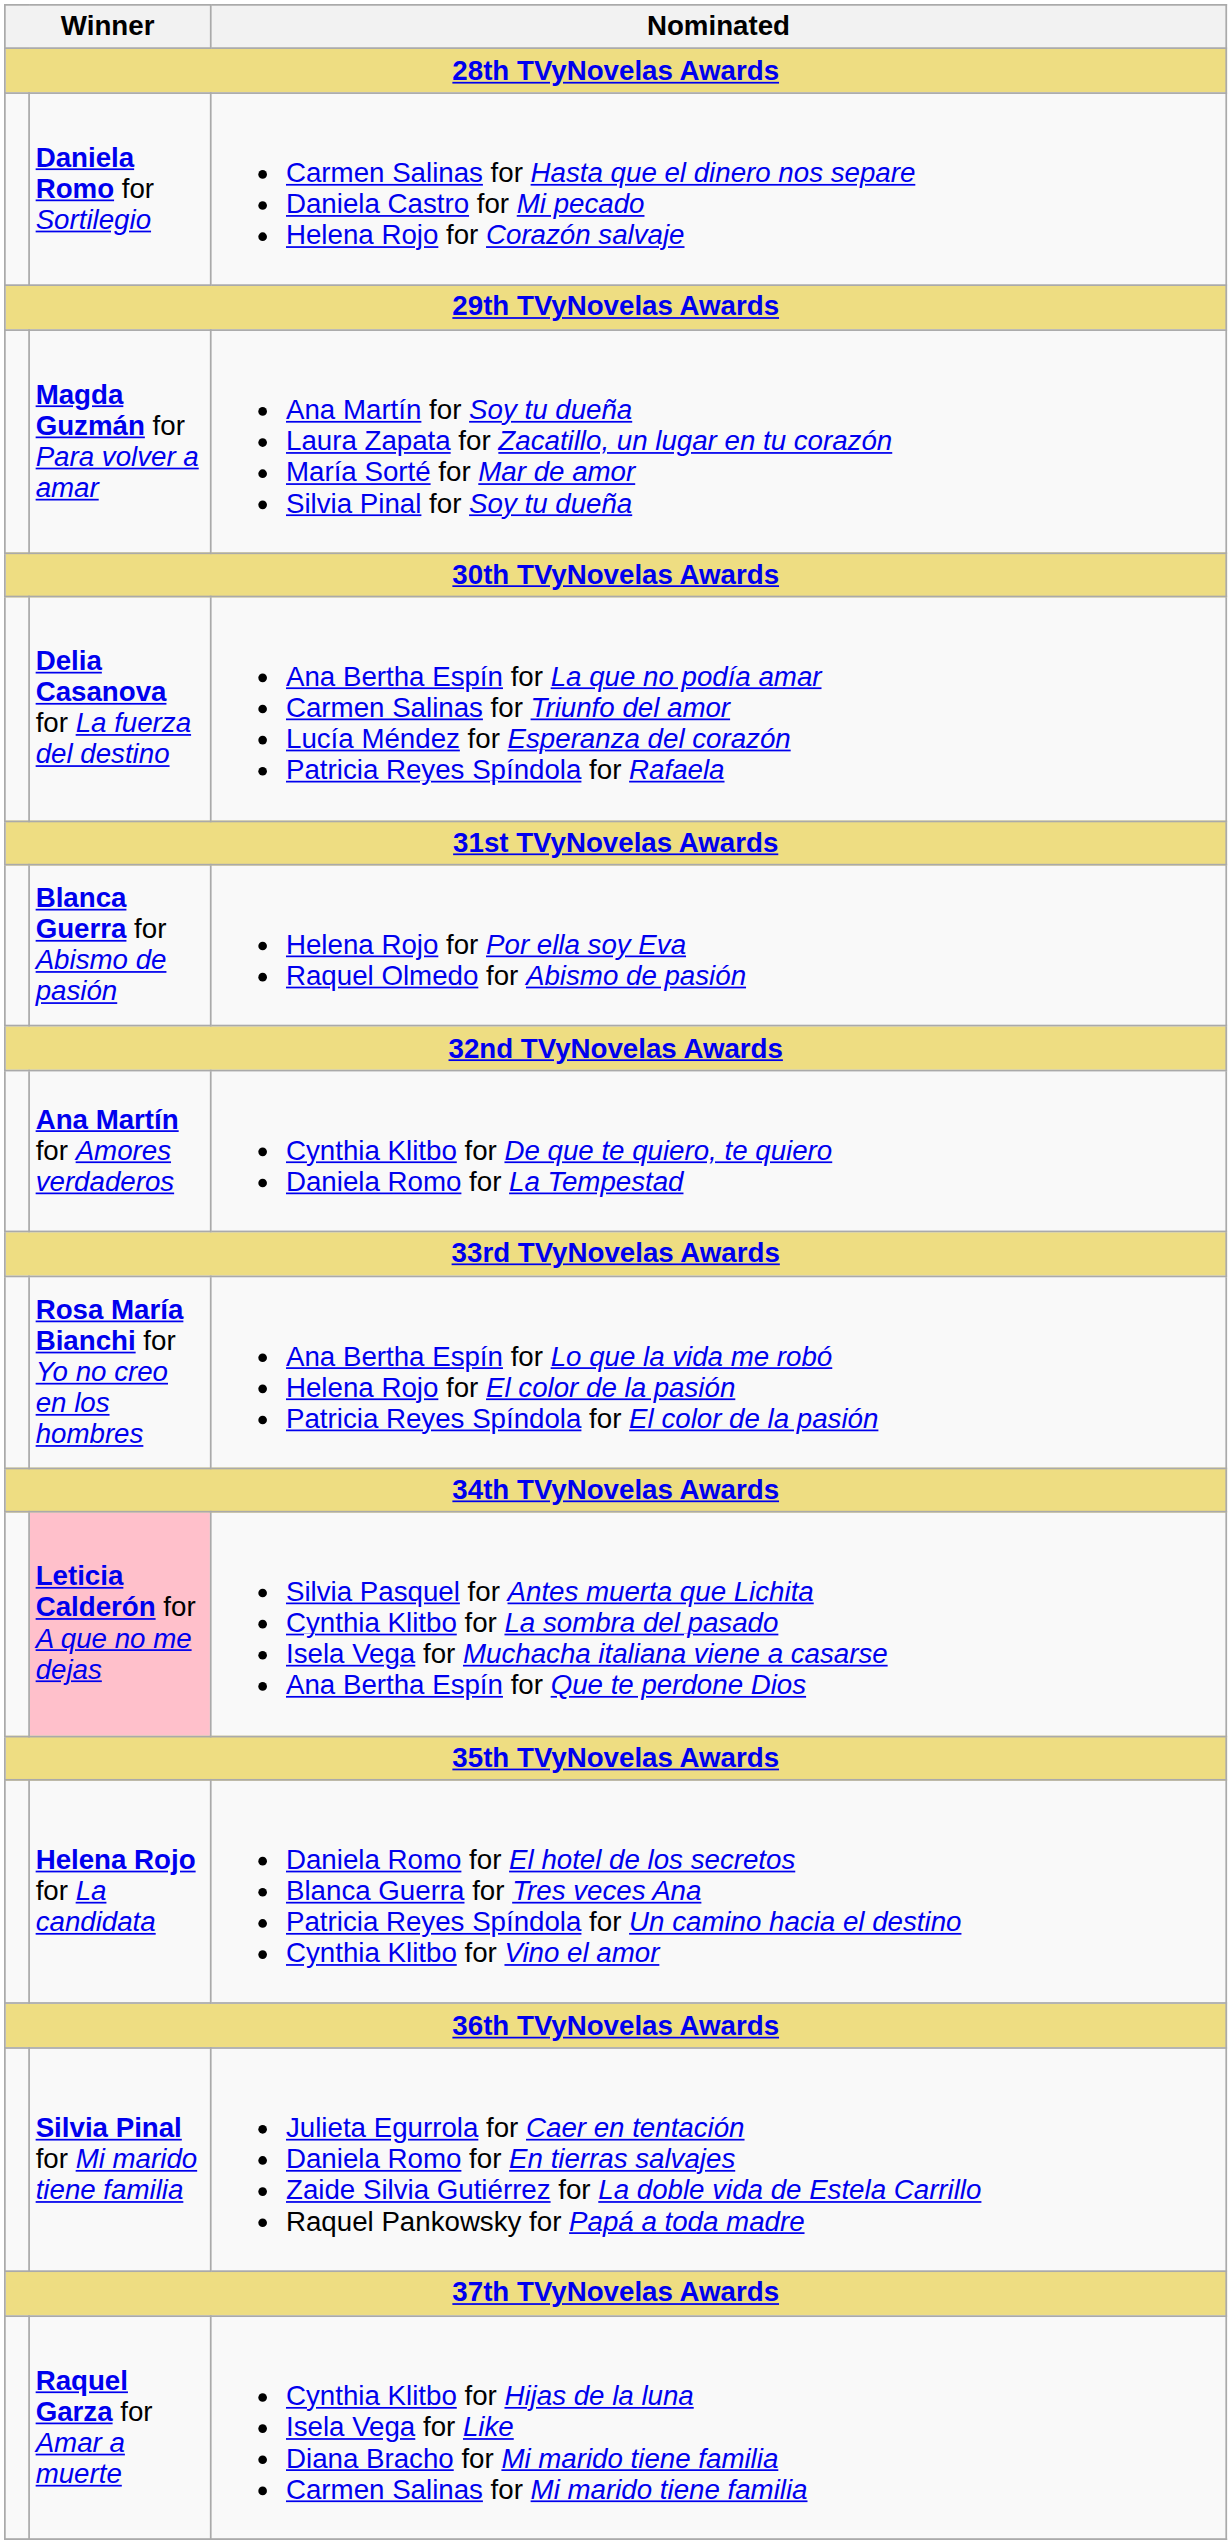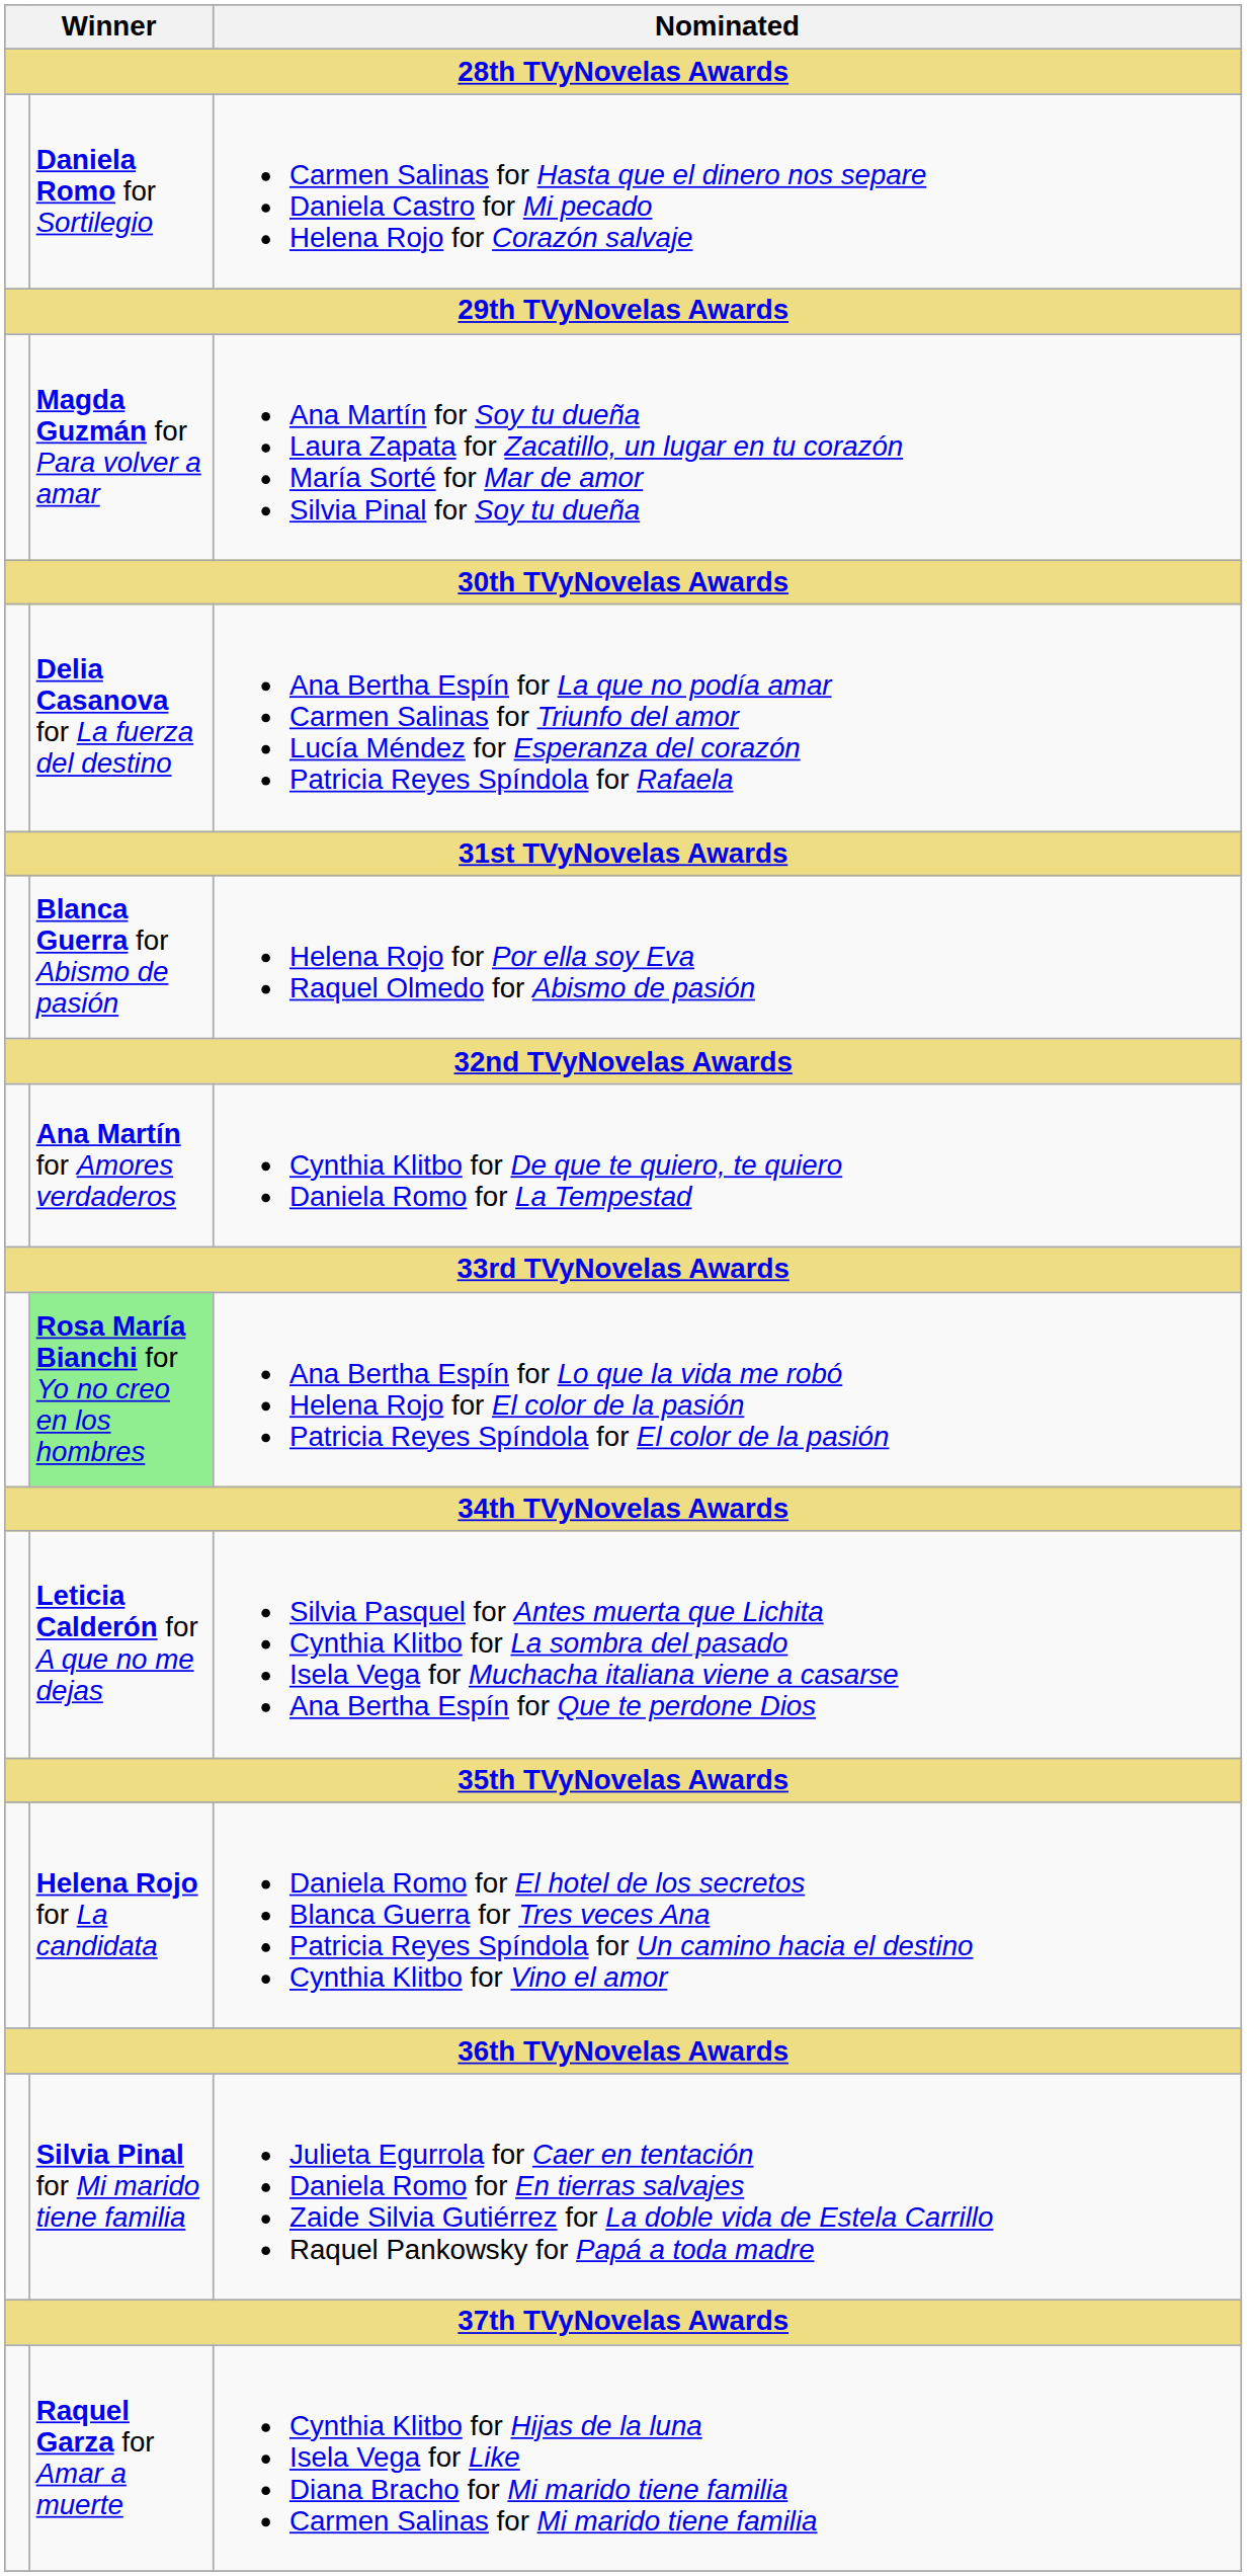 <table class="wikitable" width=80%>
 <tr align=center>
 <th width="150px;" colspan=2; align="center">Winner</th>
 <th width="580px;" align="center">Nominated</th>
 </tr>
 <tr>
 <th colspan=9 style="background:#EEDD82;"  align="center"><strong><a href='#'>28th TVyNovelas Awards</a></strong></th>
 </tr>
 <tr>
 <td width=2%></td>
 <td><strong><a href='#'>Daniela Romo</a></strong> for <em><a href='#'>Sortilegio</a></em></td>
 <td><br><ul><li><a href='#'>Carmen Salinas</a> for <em><a href='#'>Hasta que el dinero nos separe</a></em></li><li><a href='#'>Daniela Castro</a> for <em><a href='#'>Mi pecado</a></em></li><li><a href='#'>Helena Rojo</a> for <em><a href='#'>Corazón salvaje</a></em></li></ul></td>
 </tr>
 <tr>
 <th colspan=9 style="background:#EEDD82;"  align="center"><strong><a href='#'>29th TVyNovelas Awards</a></strong></th>
 </tr>
 <tr>
 <td width=2%></td>
 <td><strong><a href='#'>Magda Guzmán</a></strong> for <em><a href='#'>Para volver a amar</a></em></td>
 <td><br><ul><li><a href='#'>Ana Martín</a> for <em><a href='#'>Soy tu dueña</a></em></li><li><a href='#'>Laura Zapata</a> for <em><a href='#'>Zacatillo, un lugar en tu corazón</a></em></li><li><a href='#'>María Sorté</a> for <em><a href='#'>Mar de amor</a></em></li><li><a href='#'>Silvia Pinal</a> for <em><a href='#'>Soy tu dueña</a></em></li></ul></td>
 </tr>
 <tr>
 <th colspan=9 style="background:#EEDD82;"  align="center"><strong><a href='#'>30th TVyNovelas Awards</a></strong></th>
 </tr>
 <tr>
 <td width=2%></td>
 <td><strong><a href='#'>Delia Casanova</a></strong> for <em><a href='#'>La fuerza del destino</a></em></td>
 <td><br><ul><li><a href='#'>Ana Bertha Espín</a> for <em><a href='#'>La que no podía amar</a></em></li><li><a href='#'>Carmen Salinas</a> for <em><a href='#'>Triunfo del amor</a></em></li><li><a href='#'>Lucía Méndez</a> for <em><a href='#'>Esperanza del corazón</a></em></li><li><a href='#'>Patricia Reyes Spíndola</a> for <em><a href='#'>Rafaela</a></em></li></ul></td>
 </tr>
 <tr>
 <th colspan=9 style="background:#EEDD82;"  align="center"><strong><a href='#'>31st TVyNovelas Awards</a></strong></th>
 </tr>
 <tr>
 <td width=2%></td>
 <td><strong><a href='#'>Blanca Guerra</a></strong> for <em><a href='#'>Abismo de pasión</a></em></td>
 <td><br><ul><li><a href='#'>Helena Rojo</a> for <em><a href='#'>Por ella soy Eva</a></em></li><li><a href='#'>Raquel Olmedo</a> for <em><a href='#'>Abismo de pasión</a></em></li></ul></td>
 </tr>
 <tr>
 <th colspan=9 style="background:#EEDD82;"  align="center"><strong><a href='#'>32nd TVyNovelas Awards</a></strong></th>
 </tr>
 <tr>
 <td width=2%></td>
 <td><strong><a href='#'>Ana Martín</a></strong> for <em><a href='#'>Amores verdaderos</a></em></td>
 <td><br><ul><li><a href='#'>Cynthia Klitbo</a> for <em><a href='#'>De que te quiero, te quiero</a></em></li><li><a href='#'>Daniela Romo</a> for <em><a href='#'>La Tempestad</a></em></li></ul></td>
 </tr>
 <tr>
 <th colspan=9 style="background:#EEDD82;"  align="center"><strong><a href='#'>33rd TVyNovelas Awards</a></strong></th>
 </tr>
 <tr>
 <td width=2%></td>
-<td><strong><a href='#'>Rosa María Bianchi</a></strong> for <em><a href='#'>Yo no creo en los hombres</a></em></td>
+<td style="background: lightgreen;"><strong><a href='#'>Rosa María Bianchi</a></strong> for <em><a href='#'>Yo no creo en los hombres</a></em></td>
 <td><br><ul><li><a href='#'>Ana Bertha Espín</a> for <em><a href='#'>Lo que la vida me robó</a></em></li><li><a href='#'>Helena Rojo</a> for <em><a href='#'>El color de la pasión</a></em></li><li><a href='#'>Patricia Reyes Spíndola</a> for <em><a href='#'>El color de la pasión</a></em></li></ul></td>
 </tr>
 <tr>
 <th colspan=9 style="background:#EEDD82;"  align="center"><strong><a href='#'>34th TVyNovelas Awards</a></strong></th>
 </tr>
 <tr>
 <td width=2%></td>
-<td style="background: pink;"><strong><a href='#'>Leticia Calderón</a></strong> for <em><a href='#'>A que no me dejas</a></em></td>
+<td><strong><a href='#'>Leticia Calderón</a></strong> for <em><a href='#'>A que no me dejas</a></em></td>
 <td><br><ul><li><a href='#'>Silvia Pasquel</a> for <em><a href='#'>Antes muerta que Lichita</a></em></li><li><a href='#'>Cynthia Klitbo</a> for <em><a href='#'>La sombra del pasado</a></em></li><li><a href='#'>Isela Vega</a> for <em><a href='#'>Muchacha italiana viene a casarse</a></em></li><li><a href='#'>Ana Bertha Espín</a> for <em><a href='#'>Que te perdone Dios</a></em></li></ul></td>
 </tr>
 <tr>
 <th colspan=9 style="background:#EEDD82;"  align="center"><strong><a href='#'>35th TVyNovelas Awards</a></strong></th>
 </tr>
 <tr>
 <td width=2%></td>
 <td><strong><a href='#'>Helena Rojo</a></strong> for <em><a href='#'>La candidata</a></em></td>
 <td><br><ul><li><a href='#'>Daniela Romo</a> for <em><a href='#'>El hotel de los secretos</a></em></li><li><a href='#'>Blanca Guerra</a> for <em><a href='#'>Tres veces Ana</a></em></li><li><a href='#'>Patricia Reyes Spíndola</a> for <em><a href='#'>Un camino hacia el destino</a></em></li><li><a href='#'>Cynthia Klitbo</a> for <em><a href='#'>Vino el amor</a></em></li></ul></td>
 </tr>
 <tr>
 <th colspan=9 style="background:#EEDD82;"  align="center"><strong><a href='#'>36th TVyNovelas Awards</a></strong></th>
 </tr>
 <tr>
 <td width=2%></td>
 <td><strong><a href='#'>Silvia Pinal</a></strong> for <em><a href='#'>Mi marido tiene familia</a></em></td>
 <td><br><ul><li><a href='#'>Julieta Egurrola</a> for <em><a href='#'>Caer en tentación</a></em></li><li><a href='#'>Daniela Romo</a> for <em><a href='#'>En tierras salvajes</a></em></li><li><a href='#'>Zaide Silvia Gutiérrez</a> for <em><a href='#'>La doble vida de Estela Carrillo</a></em></li><li>Raquel Pankowsky for <em><a href='#'>Papá a toda madre</a></em></li></ul></td>
 </tr>
 <tr>
 <th colspan=9 style="background:#EEDD82;"  align="center"><strong><a href='#'>37th TVyNovelas Awards</a></strong></th>
 </tr>
 <tr>
 <td width=2%></td>
 <td><strong><a href='#'>Raquel Garza</a></strong> for <em><a href='#'>Amar a muerte</a></em></td>
 <td><br><ul><li><a href='#'>Cynthia Klitbo</a> for <em><a href='#'>Hijas de la luna</a></em></li><li><a href='#'>Isela Vega</a> for <em><a href='#'>Like</a></em></li><li><a href='#'>Diana Bracho</a> for <em><a href='#'>Mi marido tiene familia</a></em></li><li><a href='#'>Carmen Salinas</a> for <em><a href='#'>Mi marido tiene familia</a></em></li></ul></td>
 </tr>
 <tr>
 </tr>
 </table>
